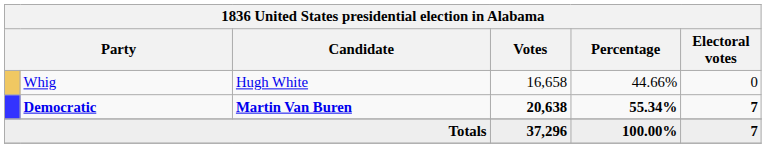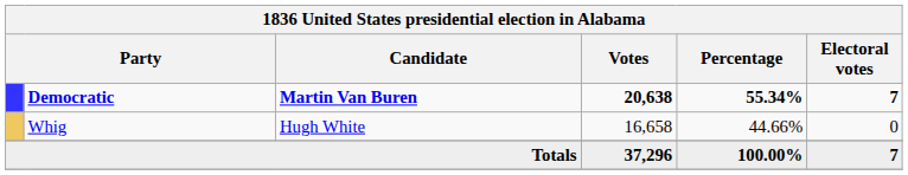 <table class="wikitable" style="font-size: 95%;">
 <tr>
 <th colspan="6">1836 United States presidential election in Alabama</th>
 </tr>
 <tr>
 <th colspan="2" style="width: 15em">Party</th>
 <th style="width: 17em">Candidate</th>
 <th style="width: 5em">Votes</th>
 <th style="width: 7em">Percentage</th>
 <th style="width: 5em">Electoral votes</th>
 </tr>
 <tr>
+<th style="background-color:#3333FF; width: 3px"></th>
+<td style="width: 130px"><strong><a href='#'>Democratic</a></strong></td>
+<td><strong><a href='#'>Martin Van Buren</a></strong></td>
+<td align="right"><strong>20,638</strong></td>
+<td align="right"><strong>55.34%</strong></td>
+<td align="right"><strong>7</strong></td>
+</tr>
+<tr>
 <th style="background-color:#F0C862; width: 3px"></th>
 <td style="width: 130px"><a href='#'>Whig</a></td>
 <td><a href='#'>Hugh White</a></td>
 <td align="right">16,658</td>
 <td align="right">44.66%</td>
 <td align="right">0</td>
-</tr>
-<tr>
-<th style="background-color:#3333FF; width: 3px"></th>
-<td style="width: 130px"><strong><a href='#'>Democratic</a></strong></td>
-<td><strong><a href='#'>Martin Van Buren</a></strong></td>
-<td align="right"><strong>20,638</strong></td>
-<td align="right"><strong>55.34%</strong></td>
-<td align="right"><strong>7</strong></td>
 </tr>
 <tr>
 </tr>
 <tr bgcolor="#EEEEEE">
 <td colspan="3" align="right"><strong>Totals</strong></td>
 <td align="right"><strong>37,296</strong></td>
 <td align="right"><strong>100.00%</strong></td>
 <td align="right"><strong>7</strong></td>
 </tr>
 <tr>
 </tr>
 </table>
